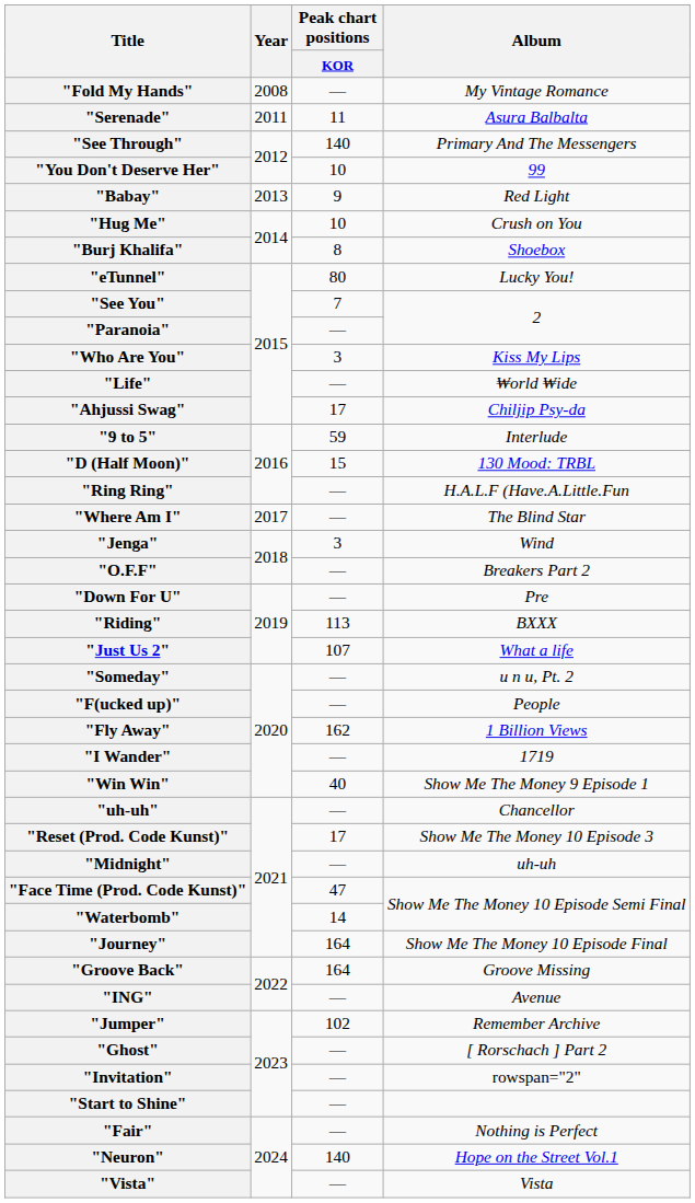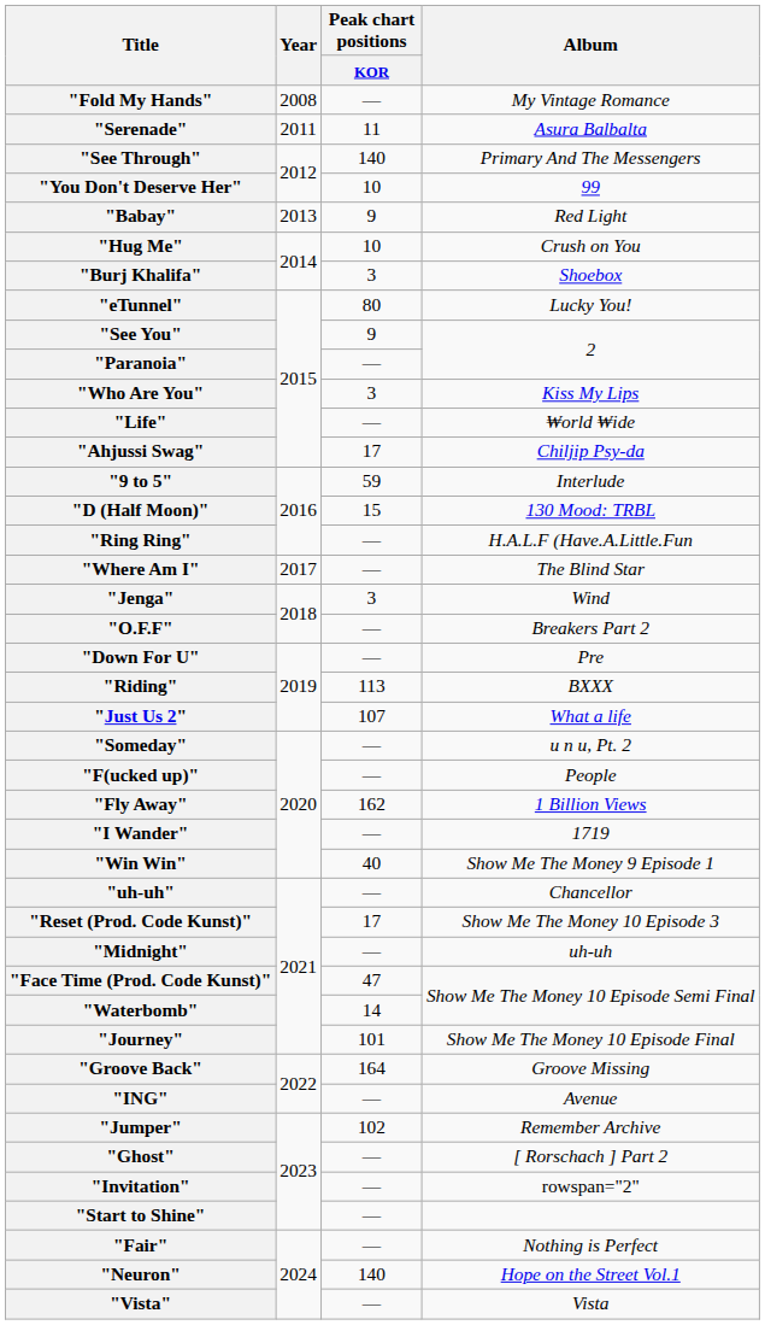 <table class="wikitable plainrowheaders" style="text-align:center;">
 <tr>
 <th rowspan="2" scope="col">Title</th>
 <th rowspan="2" scope="col">Year</th>
 <th colspan="1" scope="col" style="width:5em;">Peak chart positions</th>
 <th rowspan="2" scope="col">Album</th>
 </tr>
 <tr>
 <th><small><a href='#'>KOR</a></small><br></th>
 </tr>
 <tr>
 <th scope="row">"Fold My Hands"  <br></th>
 <td>2008</td>
 <td>—</td>
 <td><em>My Vintage Romance</em></td>
 </tr>
 <tr>
 <th scope="row">"Serenade" <br></th>
 <td>2011</td>
 <td>11</td>
 <td><em><a href='#'>Asura Balbalta</a></em></td>
 </tr>
 <tr>
 <th scope="row">"See Through"  <br></th>
 <td rowspan="2">2012</td>
 <td>140</td>
 <td><em>Primary And The Messengers</em></td>
 </tr>
 <tr>
 <th scope="row">"You Don't Deserve Her"  <br></th>
 <td>10</td>
 <td><em><a href='#'>99</a></em></td>
 </tr>
 <tr>
 <th scope="row">"Babay" <br></th>
 <td>2013</td>
 <td>9</td>
 <td><em>Red Light</em></td>
 </tr>
 <tr>
 <th scope="row">"Hug Me" <br></th>
 <td rowspan="2">2014</td>
 <td>10</td>
 <td><em>Crush on You</em></td>
 </tr>
 <tr>
 <th scope="row">"Burj Khalifa"  <br></th>
-<td>8</td>
+<td>3</td>
 <td><em><a href='#'>Shoebox</a></em></td>
 </tr>
 <tr>
 <th scope="row">"eTunnel" <br></th>
 <td rowspan="6">2015</td>
 <td>80</td>
 <td><em>Lucky You!</em></td>
 </tr>
 <tr>
 <th scope="row">"See You"  <br></th>
-<td>7</td>
+<td>9</td>
 <td rowspan="2"><em>2</em></td>
 </tr>
 <tr>
 <th scope="row">"Paranoia"  <br></th>
 <td>—</td>
 </tr>
 <tr>
 <th scope="row">"Who Are You" <br></th>
 <td>3</td>
 <td><em><a href='#'>Kiss My Lips</a></em></td>
 </tr>
 <tr>
 <th scope="row">"Life" <br></th>
 <td>—</td>
 <td><em>₩orld ₩ide</em></td>
 </tr>
 <tr>
 <th scope="row">"Ahjussi Swag"  <br></th>
 <td>17</td>
 <td><em><a href='#'>Chiljip Psy-da</a></em></td>
 </tr>
 <tr>
 <th scope="row">"9 to 5" <br></th>
 <td rowspan="3">2016</td>
 <td>59</td>
 <td><em>Interlude</em></td>
 </tr>
 <tr>
 <th scope="row">"D (Half Moon)" <br></th>
 <td>15</td>
 <td><em><a href='#'>130 Mood: TRBL</a></em></td>
 </tr>
 <tr>
 <th scope="row">"Ring Ring" <br></th>
 <td>—</td>
 <td><em>H.A.L.F (Have.A.Little.Fun</em></td>
 </tr>
 <tr>
 <th scope="row">"Where Am I" <br></th>
 <td>2017</td>
 <td>—</td>
 <td><em>The Blind Star</em></td>
 </tr>
 <tr>
 <th scope="row">"Jenga" <br></th>
 <td rowspan="2">2018</td>
 <td>3</td>
 <td><em>Wind</em></td>
 </tr>
 <tr>
 <th scope="row">"O.F.F" <br></th>
 <td>—</td>
 <td><em>Breakers Part 2</em></td>
 </tr>
 <tr>
 <th scope="row">"Down For U" <br></th>
 <td rowspan="3">2019</td>
 <td>—</td>
 <td><em>Pre</em></td>
 </tr>
 <tr>
 <th scope="row">"Riding"  <br></th>
 <td>113</td>
 <td><em>BXXX</em></td>
 </tr>
 <tr>
 <th scope="row">"<a href='#'>Just Us 2</a>" <br></th>
 <td>107</td>
 <td><em><a href='#'>What a life</a></em></td>
 </tr>
 <tr>
 <th scope="row">"Someday" <br></th>
 <td rowspan="5">2020</td>
 <td>—</td>
 <td><em>u n u, Pt. 2</em></td>
 </tr>
 <tr>
 <th scope="row">"F(ucked up)" <br></th>
 <td>—</td>
 <td><em>People</em></td>
 </tr>
 <tr>
 <th scope="row">"Fly Away" <br></th>
 <td>162</td>
 <td><em><a href='#'>1 Billion Views</a></em></td>
 </tr>
 <tr>
 <th scope="row">"I Wander"  <br></th>
 <td>—</td>
 <td><em>1719</em></td>
 </tr>
 <tr>
 <th scope="row">"Win Win"  <br></th>
 <td>40</td>
 <td><em>Show Me The Money 9 Episode 1</em></td>
 </tr>
 <tr>
 <th scope="row">"uh-uh" <br></th>
 <td rowspan="6">2021</td>
 <td>—</td>
 <td><em>Chancellor</em></td>
 </tr>
 <tr>
 <th scope="row">"Reset (Prod. Code Kunst)" <br></th>
 <td>17</td>
 <td><em>Show Me The Money 10 Episode 3</em></td>
 </tr>
 <tr>
 <th scope="row">"Midnight" <br></th>
 <td>—</td>
 <td><em>uh-uh</em></td>
 </tr>
 <tr>
 <th scope="row">"Face Time (Prod. Code Kunst)" <br></th>
 <td>47</td>
 <td rowspan="2"><em>Show Me The Money 10 Episode Semi Final</em></td>
 </tr>
 <tr>
 <th scope="row">"Waterbomb"  <br></th>
 <td>14</td>
 </tr>
 <tr>
 <th scope="row">"Journey"  <br></th>
-<td>164</td>
+<td>101</td>
 <td><em>Show Me The Money 10 Episode Final</em></td>
 </tr>
 <tr>
 <th scope="row">"Groove Back" <br></th>
 <td rowspan="2">2022</td>
 <td>164</td>
 <td><em>Groove Missing</em></td>
 </tr>
 <tr>
 <th scope="row">"ING" <br></th>
 <td>—</td>
 <td><em>Avenue</em></td>
 </tr>
 <tr>
 <th scope="row">"Jumper" <br></th>
 <td rowspan="4">2023</td>
 <td>102</td>
 <td><em>Remember Archive</em></td>
 </tr>
 <tr>
 <th scope="row">"Ghost" <br></th>
 <td>—</td>
 <td><em>[ Rorschach ] Part 2</em></td>
 </tr>
 <tr>
 <th scope="row">"Invitation" <br></th>
 <td>—</td>
 <td>rowspan="2" </td>
 </tr>
 <tr>
 <th scope="row">"Start to Shine" <br></th>
 <td>—</td>
 </tr>
 <tr>
 <th scope="row">"Fair" <br></th>
 <td rowspan="3">2024</td>
 <td>—</td>
 <td><em>Nothing is Perfect</em></td>
 </tr>
 <tr>
 <th scope="row">"Neuron" <br></th>
 <td>140</td>
 <td><em><a href='#'>Hope on the Street Vol.1</a></em></td>
 </tr>
 <tr>
 <th scope="row">"Vista" <br></th>
 <td>—</td>
 <td><em>Vista</em></td>
 </tr>
 </table>
